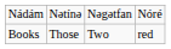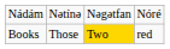 <table class="wikitable">
 <tr>
 <td>Nádám</td>
 <td>Nətínə</td>
 <td>Nəgətfan</td>
 <td>Nóré</td>
 </tr>
 <tr>
 <td>Books</td>
 <td>Those</td>
-<td>Two</td>
+<td style="background: gold;">Two</td>
 <td>red</td>
 </tr>
 </table>
